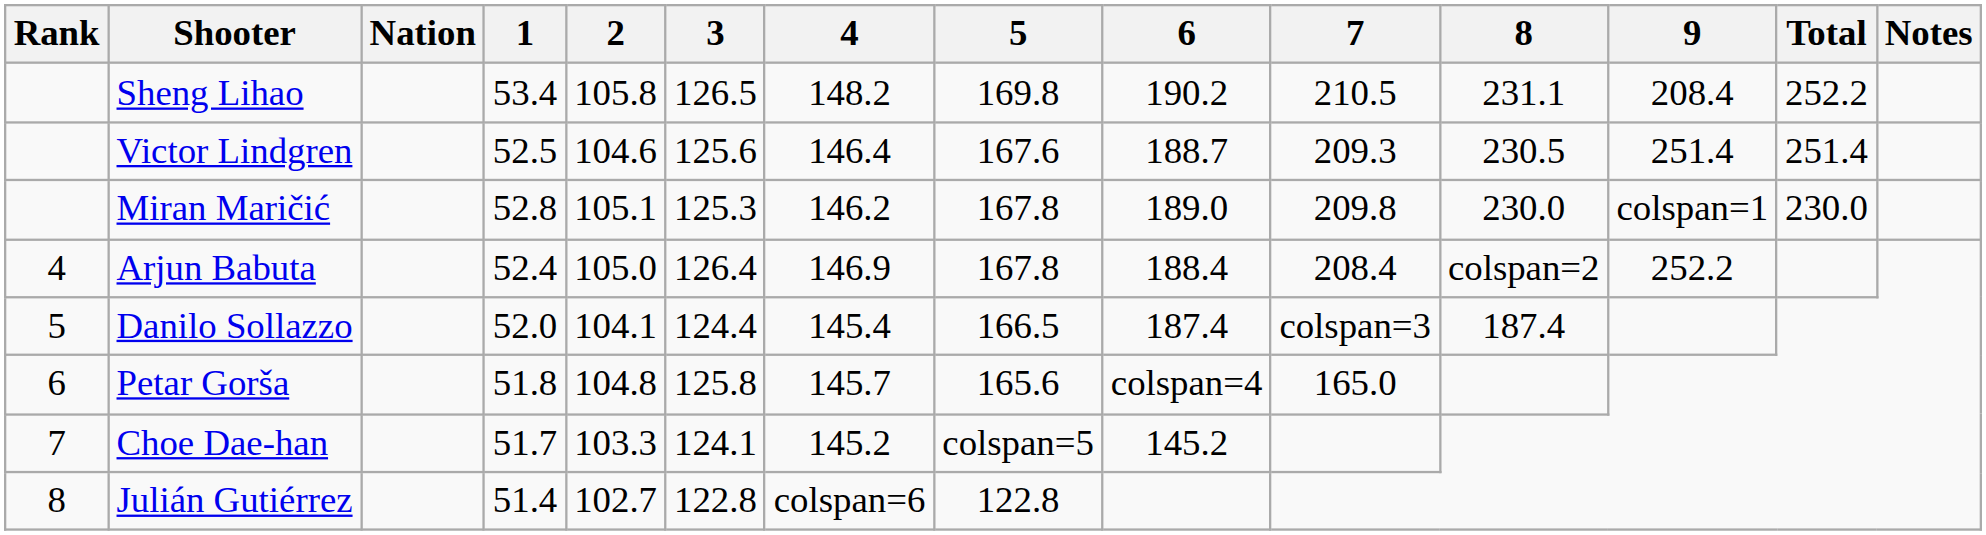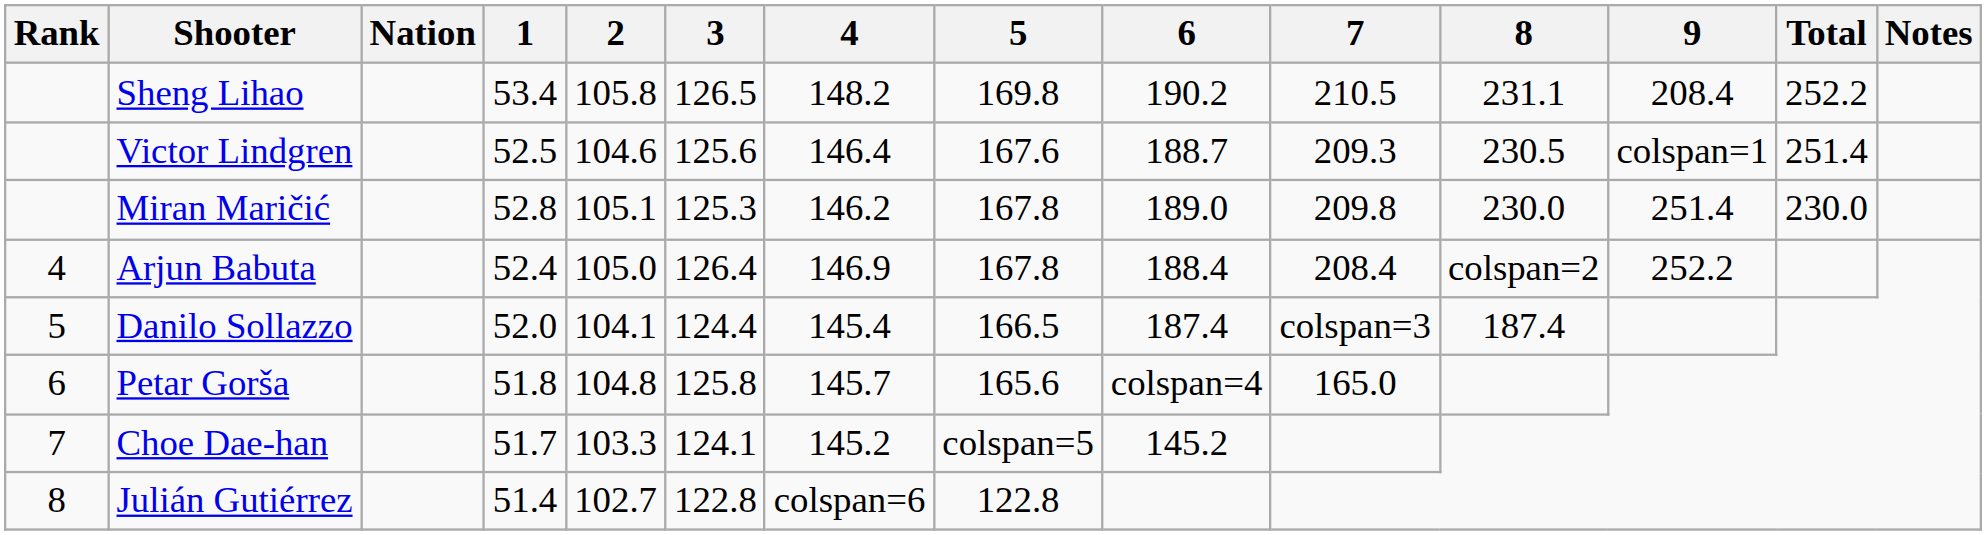 <table class="wikitable sortable" style="text-align:center">
 <tr>
 <th>Rank</th>
 <th>Shooter</th>
 <th>Nation</th>
 <th class="sortable">1</th>
 <th class="sortable">2</th>
 <th class="sortable">3</th>
 <th class="sortable">4</th>
 <th class="sortable">5</th>
 <th class="sortable">6</th>
 <th class="sortable">7</th>
 <th class="sortable">8</th>
 <th class="sortable">9</th>
 <th>Total</th>
 <th class="unsortable">Notes</th>
 </tr>
 <tr>
 <td></td>
 <td align=left><a href='#'>Sheng Lihao</a></td>
 <td align=left></td>
 <td>53.4</td>
 <td>105.8</td>
 <td>126.5</td>
 <td>148.2</td>
 <td>169.8</td>
 <td>190.2</td>
 <td>210.5</td>
 <td>231.1</td>
 <td>208.4</td>
 <td>252.2</td>
 <td></td>
 </tr>
 <tr>
 <td></td>
 <td align=left><a href='#'>Victor Lindgren</a></td>
 <td align=left></td>
 <td>52.5</td>
 <td>104.6</td>
 <td>125.6</td>
 <td>146.4</td>
 <td>167.6</td>
 <td>188.7</td>
 <td>209.3</td>
 <td>230.5</td>
-<td>251.4</td>
+<td>colspan=1 </td>
 <td>251.4</td>
 <td></td>
 </tr>
 <tr>
 <td></td>
 <td align=left><a href='#'>Miran Maričić</a></td>
 <td align=left></td>
 <td>52.8</td>
 <td>105.1</td>
 <td>125.3</td>
 <td>146.2</td>
 <td>167.8</td>
 <td>189.0</td>
 <td>209.8</td>
 <td>230.0</td>
-<td>colspan=1 </td>
+<td>251.4</td>
 <td>230.0</td>
 <td></td>
 </tr>
 <tr>
 <td>4</td>
 <td align=left><a href='#'>Arjun Babuta</a></td>
 <td align=left></td>
 <td>52.4</td>
 <td>105.0</td>
 <td>126.4</td>
 <td>146.9</td>
 <td>167.8</td>
 <td>188.4</td>
 <td>208.4</td>
 <td>colspan=2 </td>
 <td>252.2</td>
 <td></td>
 </tr>
 <tr>
 <td>5</td>
 <td align=left><a href='#'>Danilo Sollazzo</a></td>
 <td align=left></td>
 <td>52.0</td>
 <td>104.1</td>
 <td>124.4</td>
 <td>145.4</td>
 <td>166.5</td>
 <td>187.4</td>
 <td>colspan=3 </td>
 <td>187.4</td>
 <td></td>
 </tr>
 <tr>
 <td>6</td>
 <td align=left><a href='#'>Petar Gorša</a></td>
 <td align=left></td>
 <td>51.8</td>
 <td>104.8</td>
 <td>125.8</td>
 <td>145.7</td>
 <td>165.6</td>
 <td>colspan=4 </td>
 <td>165.0</td>
 <td></td>
 </tr>
 <tr>
 <td>7</td>
 <td align=left><a href='#'>Choe Dae-han</a></td>
 <td align=left></td>
 <td>51.7</td>
 <td>103.3</td>
 <td>124.1</td>
 <td>145.2</td>
 <td>colspan=5 </td>
 <td>145.2</td>
 <td></td>
 </tr>
 <tr>
 <td>8</td>
 <td align=left><a href='#'>Julián Gutiérrez</a></td>
 <td align=left></td>
 <td>51.4</td>
 <td>102.7</td>
 <td>122.8</td>
 <td>colspan=6 </td>
 <td>122.8</td>
 <td></td>
 </tr>
 </table>
